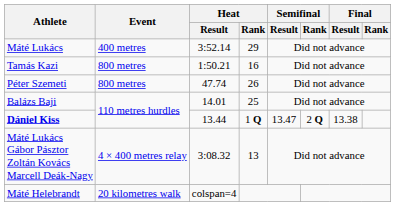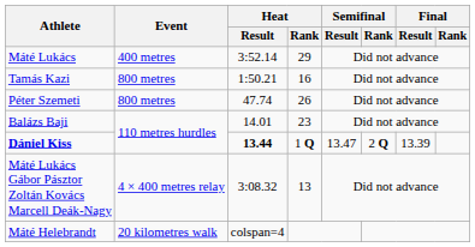 <table class=wikitable style=font-size:90%>
 <tr>
 <th rowspan=2>Athlete</th>
 <th rowspan=2>Event</th>
 <th colspan=2>Heat</th>
 <th colspan=2>Semifinal</th>
 <th colspan=2>Final</th>
 </tr>
 <tr style=font-size:95%>
 <th>Result</th>
 <th>Rank</th>
 <th>Result</th>
 <th>Rank</th>
 <th>Result</th>
 <th>Rank</th>
 </tr>
 <tr align=center>
 <td align=left><a href='#'>Máté Lukács</a></td>
 <td align=left><a href='#'>400 metres</a></td>
 <td>3:52.14</td>
 <td>29</td>
 <td colspan=4>Did not advance</td>
 </tr>
 <tr align=center>
 <td align=left><a href='#'>Tamás Kazi</a></td>
 <td align=left><a href='#'>800 metres</a></td>
 <td>1:50.21</td>
 <td>16</td>
 <td colspan=4>Did not advance</td>
 </tr>
 <tr align=center>
 <td align=left><a href='#'>Péter Szemeti</a></td>
 <td align=left><a href='#'>800 metres</a></td>
 <td>47.74</td>
 <td>26</td>
 <td colspan=4>Did not advance</td>
 </tr>
 <tr align=center>
 <td align=left><a href='#'>Balázs Baji</a></td>
 <td align=left rowspan=2><a href='#'>110 metres hurdles</a></td>
 <td>14.01</td>
-<td>25</td>
+<td>23</td>
 <td colspan=4>Did not advance</td>
 </tr>
 <tr align=center>
 <td align=left><strong><a href='#'>Dániel Kiss</a></strong></td>
-<td>13.44</td>
+<td><strong>13.44</strong></td>
 <td>1 <strong>Q</strong></td>
 <td>13.47</td>
 <td>2 <strong>Q</strong></td>
-<td>13.38</td>
+<td>13.39</td>
 <td></td>
 </tr>
 <tr align=center>
 <td align=left><a href='#'>Máté Lukács</a><br><a href='#'>Gábor Pásztor</a><br><a href='#'>Zoltán Kovács</a><br><a href='#'>Marcell Deák-Nagy</a></td>
 <td align=left><a href='#'>4 × 400 metres relay</a></td>
 <td>3:08.32</td>
 <td>13</td>
 <td colspan=4>Did not advance</td>
 </tr>
 <tr align=center>
 <td align=left><a href='#'>Máté Helebrandt</a></td>
 <td align=left rowspan=3><a href='#'>20 kilometres walk</a></td>
 <td>colspan=4</td>
 <td colspan=2></td>
 </tr>
 </table>
